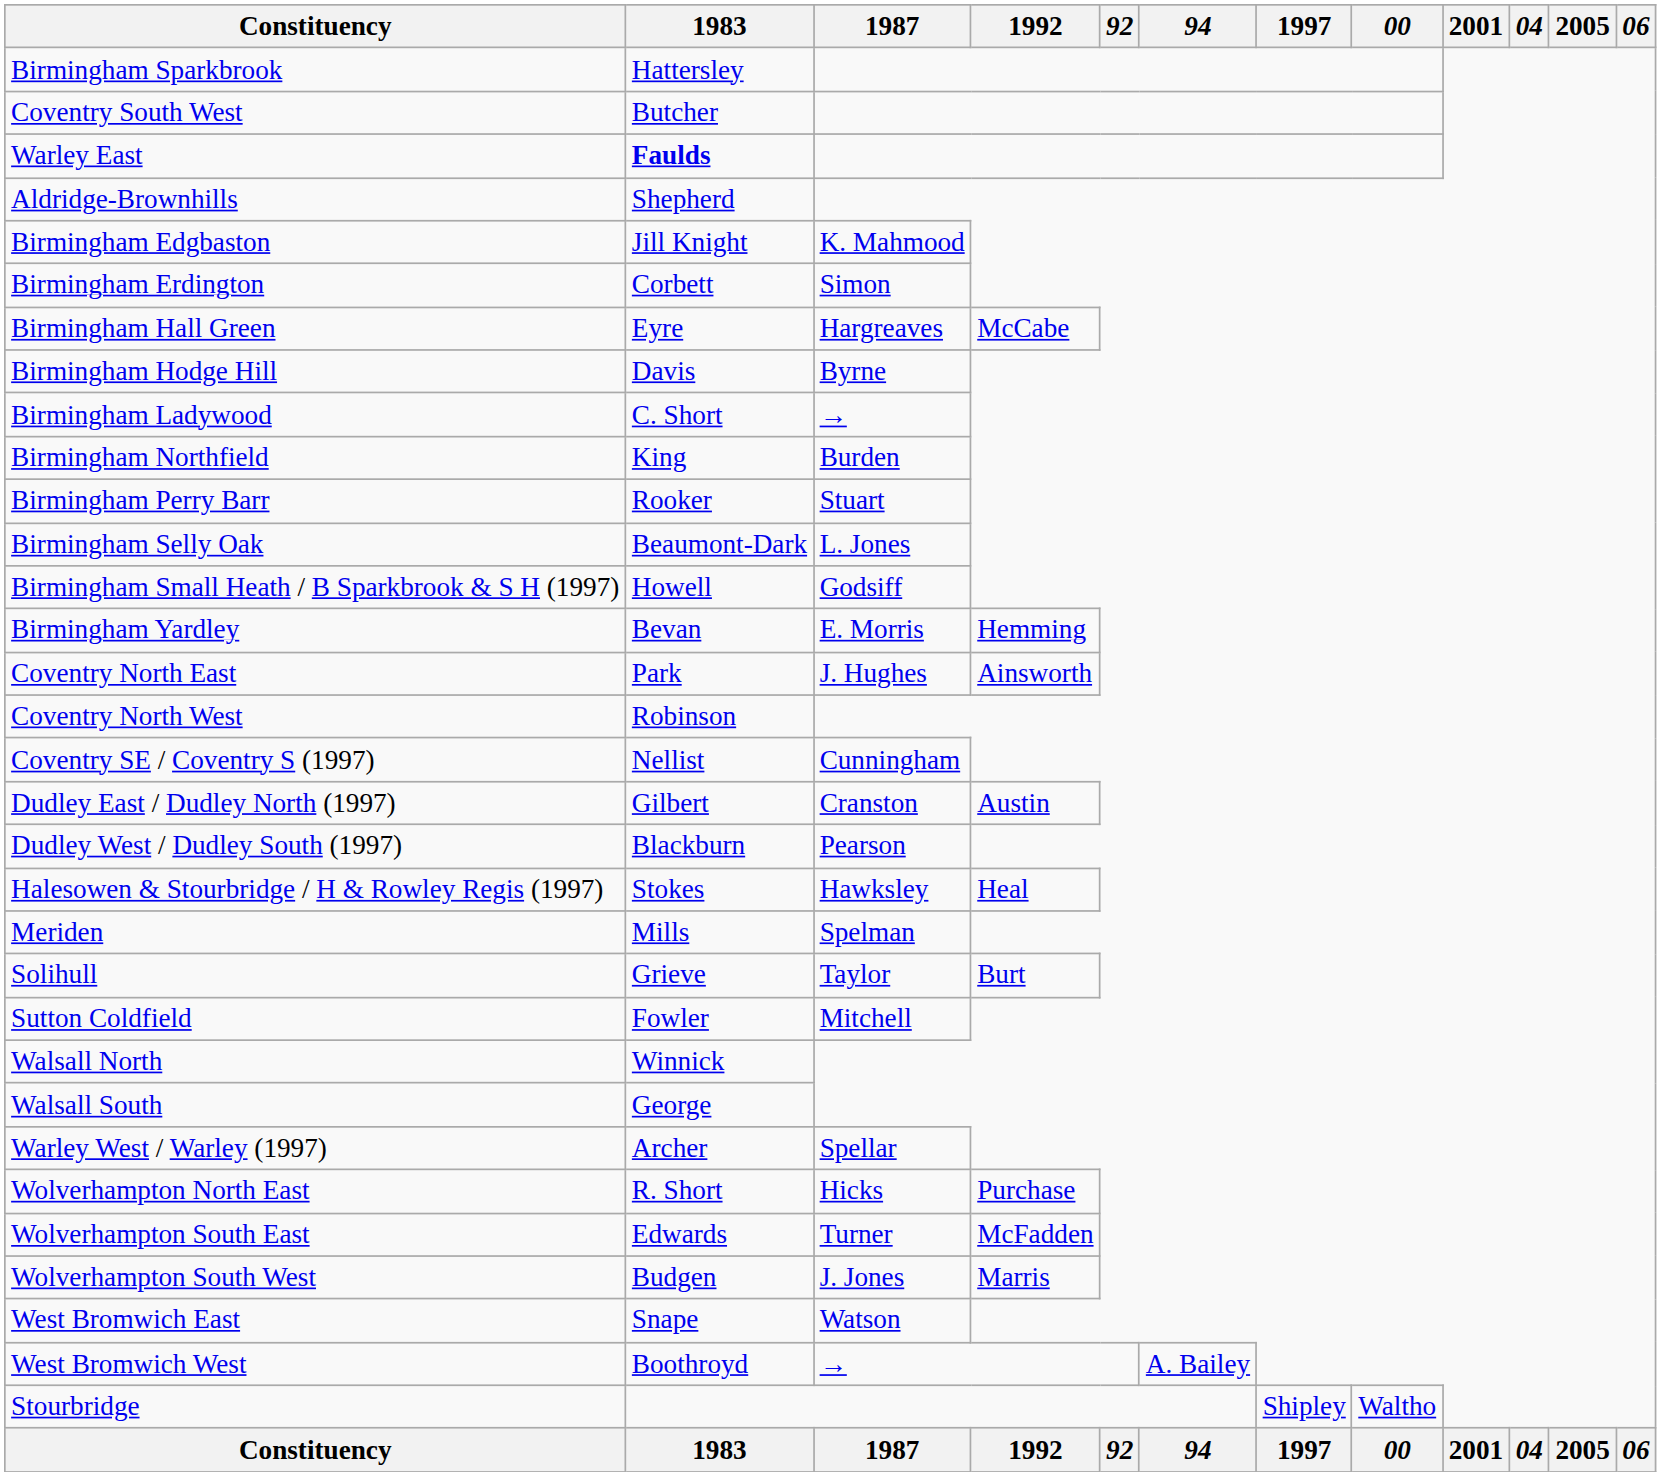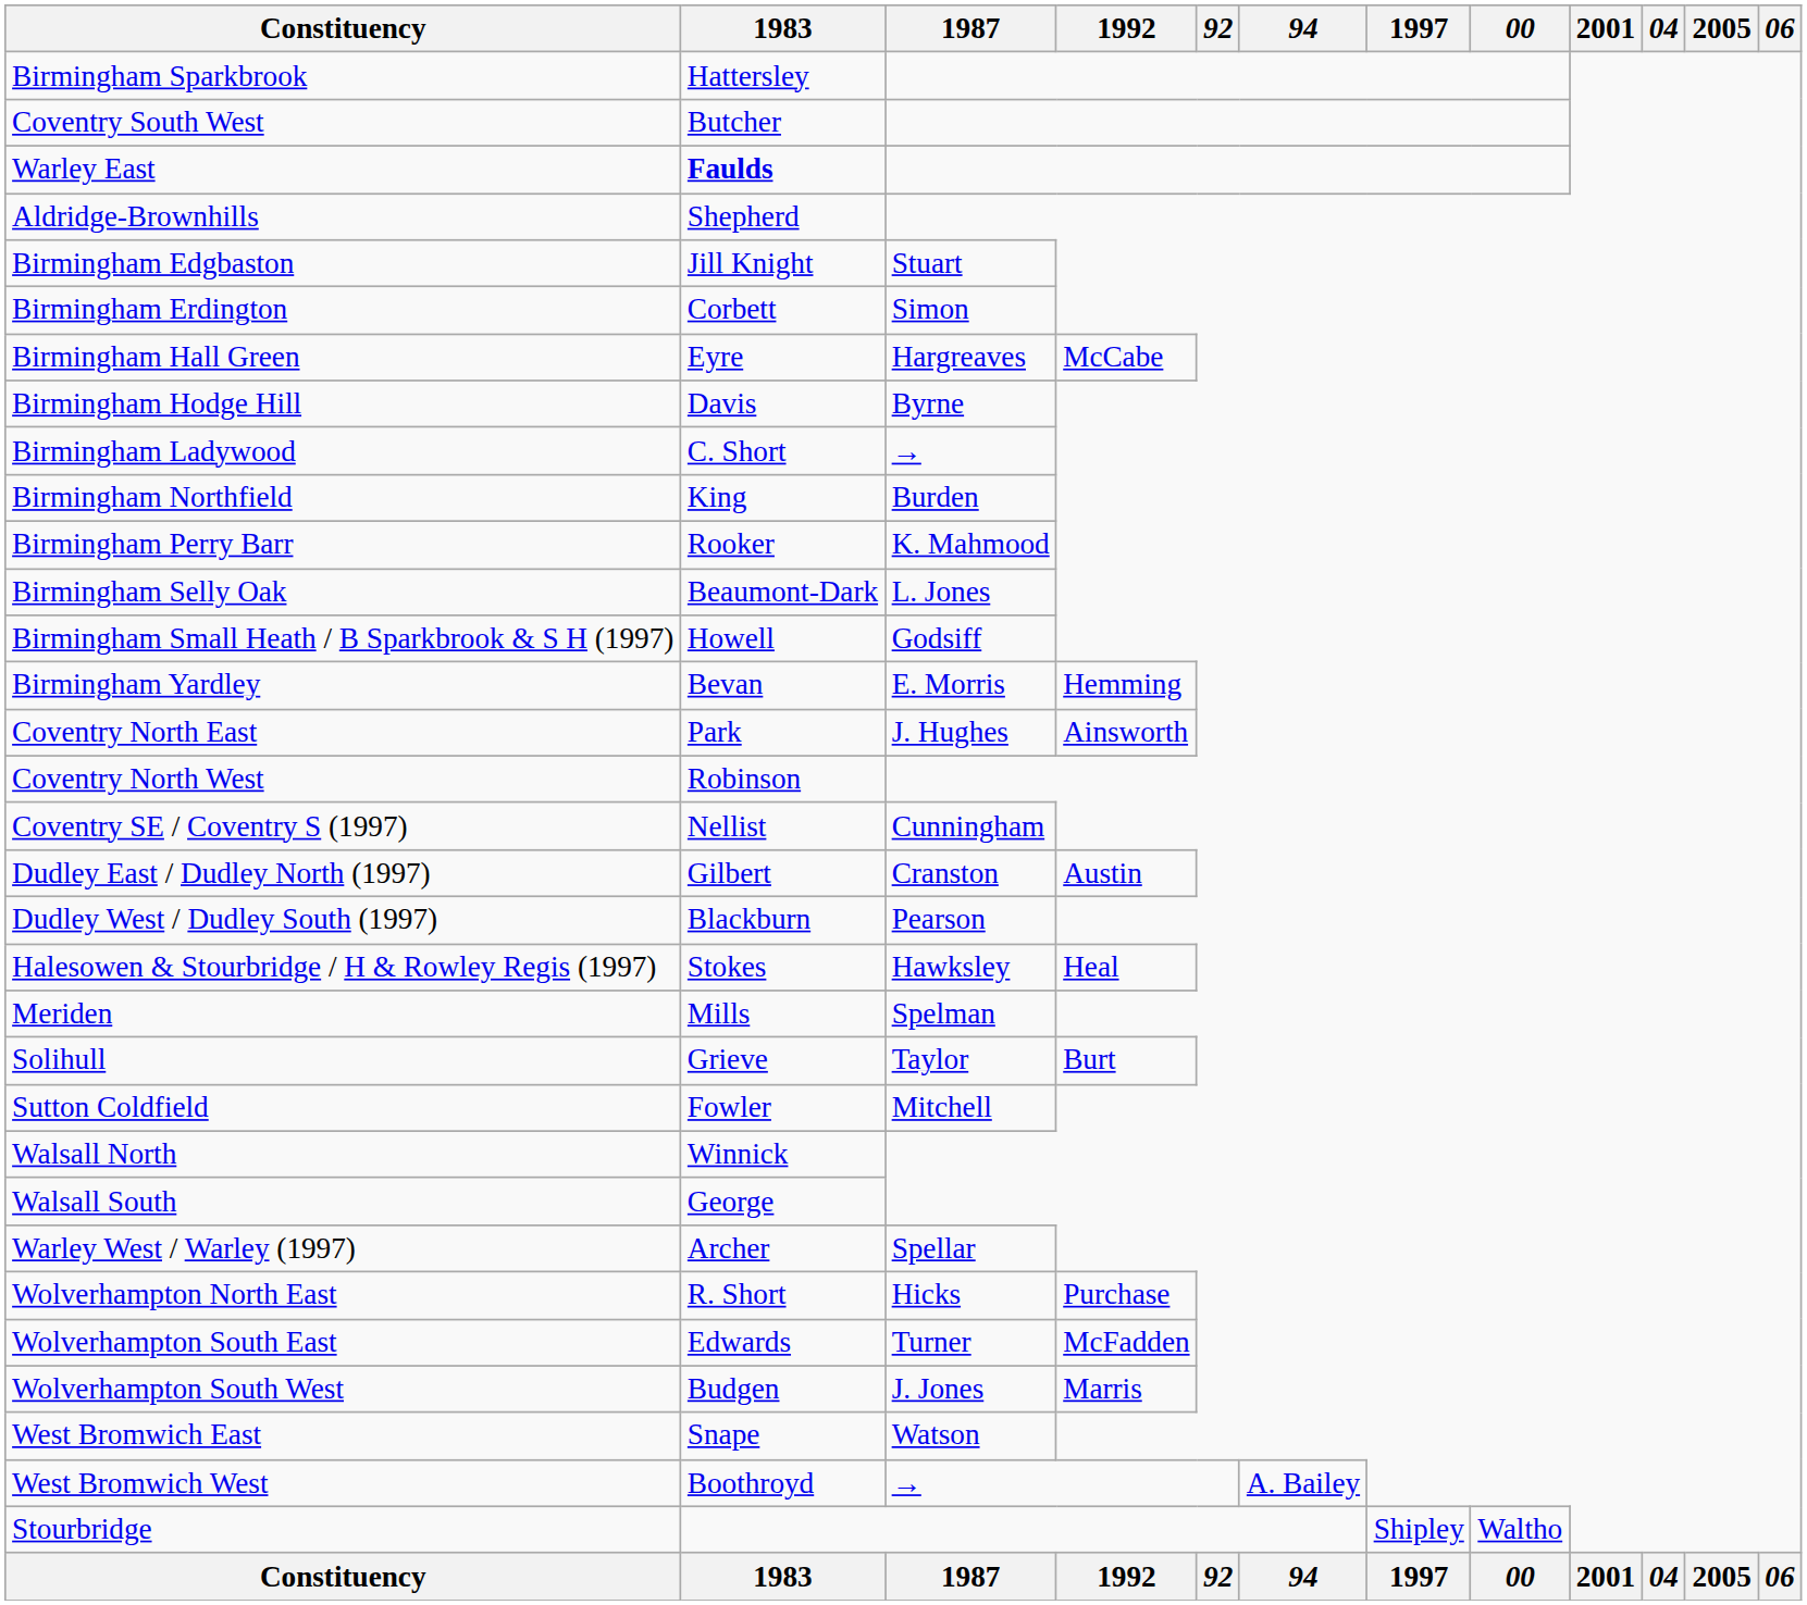 <table class="wikitable">
 <tr>
 <th>Constituency</th>
 <th>1983</th>
 <th>1987</th>
 <th>1992</th>
 <th><em>92</em></th>
 <th><em>94</em></th>
 <th>1997</th>
 <th><em>00</em></th>
 <th>2001</th>
 <th><em>04</em></th>
 <th>2005</th>
 <th><em>06</em></th>
 </tr>
 <tr>
 <td><a href='#'>Birmingham Sparkbrook</a></td>
 <td><a href='#'>Hattersley</a></td>
 <td colspan="6"></td>
 </tr>
 <tr>
 <td><a href='#'>Coventry South West</a></td>
 <td><a href='#'>Butcher</a></td>
 <td colspan="6"></td>
 </tr>
 <tr>
 <td><a href='#'>Warley East</a></td>
 <td><strong><a href='#'>Faulds</a></strong></td>
 <td colspan="6"></td>
 </tr>
 <tr>
 <td><a href='#'>Aldridge-Brownhills</a></td>
 <td><a href='#'>Shepherd</a></td>
 </tr>
 <tr>
 <td><a href='#'>Birmingham Edgbaston</a></td>
 <td><a href='#'>Jill Knight</a></td>
-<td><a href='#'>K. Mahmood</a></td>
+<td><a href='#'>Stuart</a></td>
 </tr>
 <tr>
 <td><a href='#'>Birmingham Erdington</a></td>
 <td><a href='#'>Corbett</a></td>
 <td><a href='#'>Simon</a></td>
 </tr>
 <tr>
 <td><a href='#'>Birmingham Hall Green</a></td>
 <td><a href='#'>Eyre</a></td>
 <td><a href='#'>Hargreaves</a></td>
 <td><a href='#'>McCabe</a></td>
 </tr>
 <tr>
 <td><a href='#'>Birmingham Hodge Hill</a></td>
 <td><a href='#'>Davis</a></td>
 <td><a href='#'>Byrne</a></td>
 </tr>
 <tr>
 <td><a href='#'>Birmingham Ladywood</a></td>
 <td><a href='#'>C. Short</a></td>
 <td><a href='#'>→</a></td>
 </tr>
 <tr>
 <td><a href='#'>Birmingham Northfield</a></td>
 <td><a href='#'>King</a></td>
 <td><a href='#'>Burden</a></td>
 </tr>
 <tr>
 <td><a href='#'>Birmingham Perry Barr</a></td>
 <td><a href='#'>Rooker</a></td>
-<td><a href='#'>Stuart</a></td>
+<td><a href='#'>K. Mahmood</a></td>
 </tr>
 <tr>
 <td><a href='#'>Birmingham Selly Oak</a></td>
 <td><a href='#'>Beaumont-Dark</a></td>
 <td><a href='#'>L. Jones</a></td>
 </tr>
 <tr>
 <td><a href='#'>Birmingham Small Heath</a> / <a href='#'>B Sparkbrook & S H</a> (1997)</td>
 <td><a href='#'>Howell</a></td>
 <td><a href='#'>Godsiff</a></td>
 </tr>
 <tr>
 <td><a href='#'>Birmingham Yardley</a></td>
 <td><a href='#'>Bevan</a></td>
 <td><a href='#'>E. Morris</a></td>
 <td><a href='#'>Hemming</a></td>
 </tr>
 <tr>
 <td><a href='#'>Coventry North East</a></td>
 <td><a href='#'>Park</a></td>
 <td><a href='#'>J. Hughes</a></td>
 <td><a href='#'>Ainsworth</a></td>
 </tr>
 <tr>
 <td><a href='#'>Coventry North West</a></td>
 <td><a href='#'>Robinson</a></td>
 </tr>
 <tr>
 <td><a href='#'>Coventry SE</a> / <a href='#'>Coventry S</a> (1997)</td>
 <td><a href='#'>Nellist</a></td>
 <td><a href='#'>Cunningham</a></td>
 </tr>
 <tr>
 <td><a href='#'>Dudley East</a> / <a href='#'>Dudley North</a> (1997)</td>
 <td><a href='#'>Gilbert</a></td>
 <td><a href='#'>Cranston</a></td>
 <td><a href='#'>Austin</a></td>
 </tr>
 <tr>
 <td><a href='#'>Dudley West</a> / <a href='#'>Dudley South</a> (1997)</td>
 <td><a href='#'>Blackburn</a></td>
 <td><a href='#'>Pearson</a></td>
 </tr>
 <tr>
 <td><a href='#'>Halesowen & Stourbridge</a> / <a href='#'>H & Rowley Regis</a> (1997)</td>
 <td><a href='#'>Stokes</a></td>
 <td><a href='#'>Hawksley</a></td>
 <td><a href='#'>Heal</a></td>
 </tr>
 <tr>
 <td><a href='#'>Meriden</a></td>
 <td><a href='#'>Mills</a></td>
 <td><a href='#'>Spelman</a></td>
 </tr>
 <tr>
 <td><a href='#'>Solihull</a></td>
 <td><a href='#'>Grieve</a></td>
 <td><a href='#'>Taylor</a></td>
 <td><a href='#'>Burt</a></td>
 </tr>
 <tr>
 <td><a href='#'>Sutton Coldfield</a></td>
 <td><a href='#'>Fowler</a></td>
 <td><a href='#'>Mitchell</a></td>
 </tr>
 <tr>
 <td><a href='#'>Walsall North</a></td>
 <td><a href='#'>Winnick</a></td>
 </tr>
 <tr>
 <td><a href='#'>Walsall South</a></td>
 <td><a href='#'>George</a></td>
 </tr>
 <tr>
 <td><a href='#'>Warley West</a> / <a href='#'>Warley</a> (1997)</td>
 <td><a href='#'>Archer</a></td>
 <td><a href='#'>Spellar</a></td>
 </tr>
 <tr>
 <td><a href='#'>Wolverhampton North East</a></td>
 <td><a href='#'>R. Short</a></td>
 <td><a href='#'>Hicks</a></td>
 <td><a href='#'>Purchase</a></td>
 </tr>
 <tr>
 <td><a href='#'>Wolverhampton South East</a></td>
 <td><a href='#'>Edwards</a></td>
 <td><a href='#'>Turner</a></td>
 <td><a href='#'>McFadden</a></td>
 </tr>
 <tr>
 <td><a href='#'>Wolverhampton South West</a></td>
 <td><a href='#'>Budgen</a></td>
 <td><a href='#'>J. Jones</a></td>
 <td><a href='#'>Marris</a></td>
 </tr>
 <tr>
 <td><a href='#'>West Bromwich East</a></td>
 <td><a href='#'>Snape</a></td>
 <td><a href='#'>Watson</a></td>
 </tr>
 <tr>
 <td><a href='#'>West Bromwich West</a></td>
 <td><a href='#'>Boothroyd</a></td>
 <td colspan="3"><a href='#'>→</a></td>
 <td><a href='#'>A. Bailey</a></td>
 </tr>
 <tr>
 <td><a href='#'>Stourbridge</a></td>
 <td colspan="5"></td>
 <td><a href='#'>Shipley</a></td>
 <td><a href='#'>Waltho</a></td>
 </tr>
 <tr>
 <th>Constituency</th>
 <th>1983</th>
 <th>1987</th>
 <th>1992</th>
 <th><em>92</em></th>
 <th><em>94</em></th>
 <th>1997</th>
 <th><em>00</em></th>
 <th>2001</th>
 <th><em>04</em></th>
 <th>2005</th>
 <th><em>06</em></th>
 </tr>
 </table>
